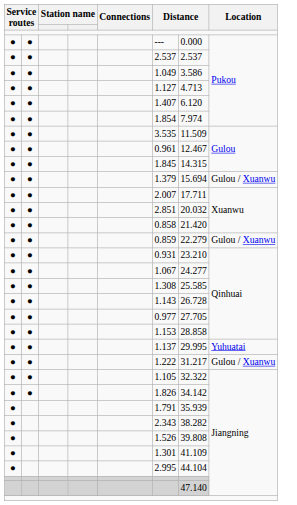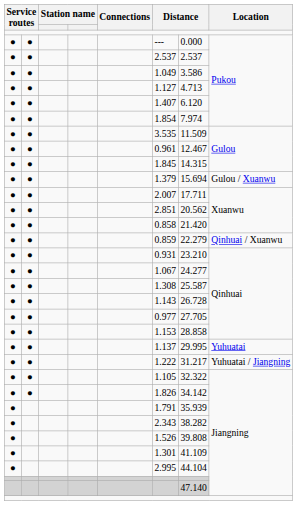 <table class="wikitable">
 <tr>
 <th rowspan="2" colspan="2">Service<br>routes</th>
 <th colspan="2">Station name</th>
 <th rowspan="2">Connections</th>
 <th colspan="2" rowspan="2">Distance<br></th>
 <th rowspan="2">Location</th>
 </tr>
 <tr>
 <th></th>
 <th></th>
 </tr>
 <tr style="background:#">
 <td colspan = "8"></td>
 </tr>
 <tr>
 <td align="center">●</td>
 <td align="center">●</td>
 <td></td>
 <td></td>
 <td></td>
 <td>---</td>
 <td>0.000</td>
 <td rowspan = "6"><a href='#'>Pukou</a></td>
 </tr>
 <tr>
 <td align="center">●</td>
 <td align="center">●</td>
 <td></td>
 <td></td>
 <td></td>
 <td>2.537</td>
 <td>2.537</td>
 </tr>
 <tr>
 <td align="center">●</td>
 <td align="center">●</td>
 <td></td>
 <td></td>
 <td></td>
 <td>1.049</td>
 <td>3.586</td>
 </tr>
 <tr>
 <td align="center">●</td>
 <td align="center">●</td>
 <td></td>
 <td></td>
 <td></td>
 <td>1.127</td>
 <td>4.713</td>
 </tr>
 <tr>
 <td align="center">●</td>
 <td align="center">●</td>
 <td></td>
 <td></td>
 <td></td>
 <td>1.407</td>
 <td>6.120</td>
 </tr>
 <tr>
 <td align="center">●</td>
 <td align="center">●</td>
 <td></td>
 <td></td>
 <td></td>
 <td>1.854</td>
 <td>7.974</td>
 </tr>
 <tr>
 <td align="center">●</td>
 <td align="center">●</td>
 <td></td>
 <td></td>
 <td></td>
 <td>3.535</td>
 <td>11.509</td>
 <td rowspan = "3"><a href='#'>Gulou</a></td>
 </tr>
 <tr>
 <td align="center">●</td>
 <td align="center">●</td>
 <td></td>
 <td></td>
 <td></td>
 <td>0.961</td>
 <td>12.467</td>
 </tr>
 <tr>
 <td align="center">●</td>
 <td align="center">●</td>
 <td></td>
 <td></td>
 <td></td>
 <td>1.845</td>
 <td>14.315</td>
 </tr>
 <tr>
 <td align="center">●</td>
 <td align="center">●</td>
 <td></td>
 <td></td>
 <td> <br> </td>
 <td>1.379</td>
 <td>15.694</td>
 <td>Gulou / <a href='#'>Xuanwu</a></td>
 </tr>
 <tr>
 <td align="center">●</td>
 <td align="center">●</td>
 <td></td>
 <td></td>
 <td></td>
 <td>2.007</td>
 <td>17.711</td>
 <td rowspan="3">Xuanwu</td>
 </tr>
 <tr>
 <td align="center">●</td>
 <td align="center">●</td>
 <td></td>
 <td></td>
 <td></td>
 <td>2.851</td>
-<td>20.032</td>
+<td>20.562</td>
 </tr>
 <tr>
 <td align="center">●</td>
 <td align="center">●</td>
 <td></td>
 <td></td>
 <td></td>
 <td>0.858</td>
 <td>21.420</td>
 </tr>
 <tr>
 <td align="center">●</td>
 <td align="center">●</td>
 <td></td>
 <td></td>
 <td></td>
 <td>0.859</td>
 <td>22.279</td>
-<td>Gulou / <a href='#'>Xuanwu</a></td>
+<td><a href='#'>Qinhuai</a> / Xuanwu</td>
 </tr>
 <tr>
 <td align="center">●</td>
 <td align="center">●</td>
 <td></td>
 <td></td>
 <td></td>
 <td>0.931</td>
 <td>23.210</td>
 <td rowspan="6">Qinhuai</td>
 </tr>
 <tr>
 <td align="center">●</td>
 <td align="center">●</td>
 <td></td>
 <td></td>
 <td></td>
 <td>1.067</td>
 <td>24.277</td>
 </tr>
 <tr>
 <td align="center">●</td>
 <td align="center">●</td>
 <td></td>
 <td></td>
 <td></td>
 <td>1.308</td>
-<td>25.585</td>
+<td>25.587</td>
 </tr>
 <tr>
 <td align="center">●</td>
 <td align="center">●</td>
 <td></td>
 <td></td>
 <td></td>
 <td>1.143</td>
 <td>26.728</td>
 </tr>
 <tr>
 <td align="center">●</td>
 <td align="center">●</td>
 <td></td>
 <td></td>
 <td></td>
 <td>0.977</td>
 <td>27.705</td>
 </tr>
 <tr>
 <td align="center">●</td>
 <td align="center">●</td>
 <td></td>
 <td></td>
 <td></td>
 <td>1.153</td>
 <td>28.858</td>
 </tr>
 <tr>
 <td align="center">●</td>
 <td align="center">●</td>
 <td></td>
 <td></td>
 <td></td>
 <td>1.137</td>
 <td>29.995</td>
 <td><a href='#'>Yuhuatai</a></td>
 </tr>
 <tr>
 <td align="center">●</td>
 <td align="center">●</td>
 <td></td>
 <td></td>
 <td>   <br></td>
 <td>1.222</td>
 <td>31.217</td>
-<td>Gulou / <a href='#'>Xuanwu</a></td>
+<td>Yuhuatai / <a href='#'>Jiangning</a></td>
 </tr>
 <tr>
 <td align="center">●</td>
 <td align="center">●</td>
 <td></td>
 <td></td>
 <td></td>
 <td>1.105</td>
 <td>32.322</td>
 <td rowspan="9">Jiangning</td>
 </tr>
 <tr>
 <td align="center">●</td>
 <td align="center">●</td>
 <td></td>
 <td></td>
 <td></td>
 <td>1.826</td>
 <td>34.142</td>
 </tr>
 <tr>
 <td align="center">●</td>
 <td align="center"></td>
 <td></td>
 <td></td>
 <td></td>
 <td>1.791</td>
 <td>35.939</td>
 </tr>
 <tr>
 <td align="center">●</td>
 <td align="center"></td>
 <td></td>
 <td></td>
 <td></td>
 <td>2.343</td>
 <td>38.282</td>
 </tr>
 <tr>
 <td align="center">●</td>
 <td align="center"></td>
 <td></td>
 <td></td>
 <td></td>
 <td>1.526</td>
 <td>39.808</td>
 </tr>
 <tr>
 <td align="center">●</td>
 <td align="center"></td>
 <td></td>
 <td></td>
 <td></td>
 <td>1.301</td>
 <td>41.109</td>
 </tr>
 <tr>
 <td align="center">●</td>
 <td align="center"></td>
 <td></td>
 <td></td>
 <td></td>
 <td>2.995</td>
 <td>44.104</td>
 </tr>
 <tr style="background:lightgrey">
 <td align="center"></td>
 <td align="center"></td>
 <td><em></em></td>
 <td></td>
 <td></td>
 <td></td>
 <td></td>
 </tr>
 <tr style="background:lightgrey">
 <td align="center"></td>
 <td align="center"></td>
 <td><em></em></td>
 <td></td>
 <td></td>
 <td></td>
 <td>47.140</td>
 </tr>
 <tr style="background:#">
 <td colspan = "8"></td>
 </tr>
 </table>
